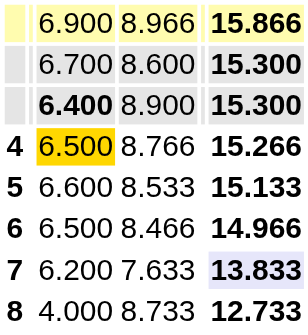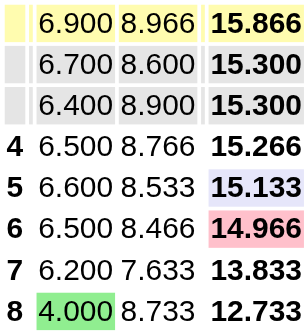 <table>
 <tr style="background:#fffcaf;">
 <th scope=row style="text-align:center"></th>
 <td style="text-align:left;"></td>
 <td>6.900</td>
 <td>8.966</td>
 <td></td>
 <td><strong>15.866</strong></td>
 </tr>
 <tr style="background:#e5e5e5;">
 <th scope=row style="text-align:center"></th>
 <td style="text-align:left;"></td>
 <td>6.700</td>
 <td>8.600</td>
 <td></td>
 <td><strong>15.300</strong></td>
 </tr>
 <tr style="background:#e5e5e5;">
 <th scope=row style="text-align:center"></th>
 <td style="text-align:left;"></td>
-<td><strong>6.400</strong></td>
+<td>6.400</td>
 <td>8.900</td>
 <td></td>
 <td><strong>15.300</strong></td>
 </tr>
 <tr>
 <th scope=row style="text-align:center">4</th>
 <td style="text-align:left;"></td>
-<td style="background: gold;">6.500</td>
+<td>6.500</td>
 <td>8.766</td>
 <td></td>
 <td><strong>15.266</strong></td>
 </tr>
 <tr>
 <th scope=row style="text-align:center">5</th>
 <td style="text-align:left;"></td>
 <td>6.600</td>
 <td>8.533</td>
 <td></td>
-<td><strong>15.133</strong></td>
+<td style="background: lavender;"><strong>15.133</strong></td>
 </tr>
 <tr>
 <th scope=row style="text-align:center">6</th>
 <td style="text-align:left;"></td>
 <td>6.500</td>
 <td>8.466</td>
 <td></td>
-<td><strong>14.966</strong></td>
+<td style="background: pink;"><strong>14.966</strong></td>
 </tr>
 <tr>
 <th scope=row style="text-align:center">7</th>
 <td style="text-align:left;"></td>
 <td>6.200</td>
 <td>7.633</td>
 <td></td>
-<td style="background: lavender;"><strong>13.833</strong></td>
+<td><strong>13.833</strong></td>
 </tr>
 <tr>
 <th scope=row style="text-align:center">8</th>
 <td style="text-align:left;"></td>
-<td>4.000</td>
+<td style="background: lightgreen;">4.000</td>
 <td>8.733</td>
 <td></td>
 <td><strong>12.733</strong></td>
 </tr>
 </table>
